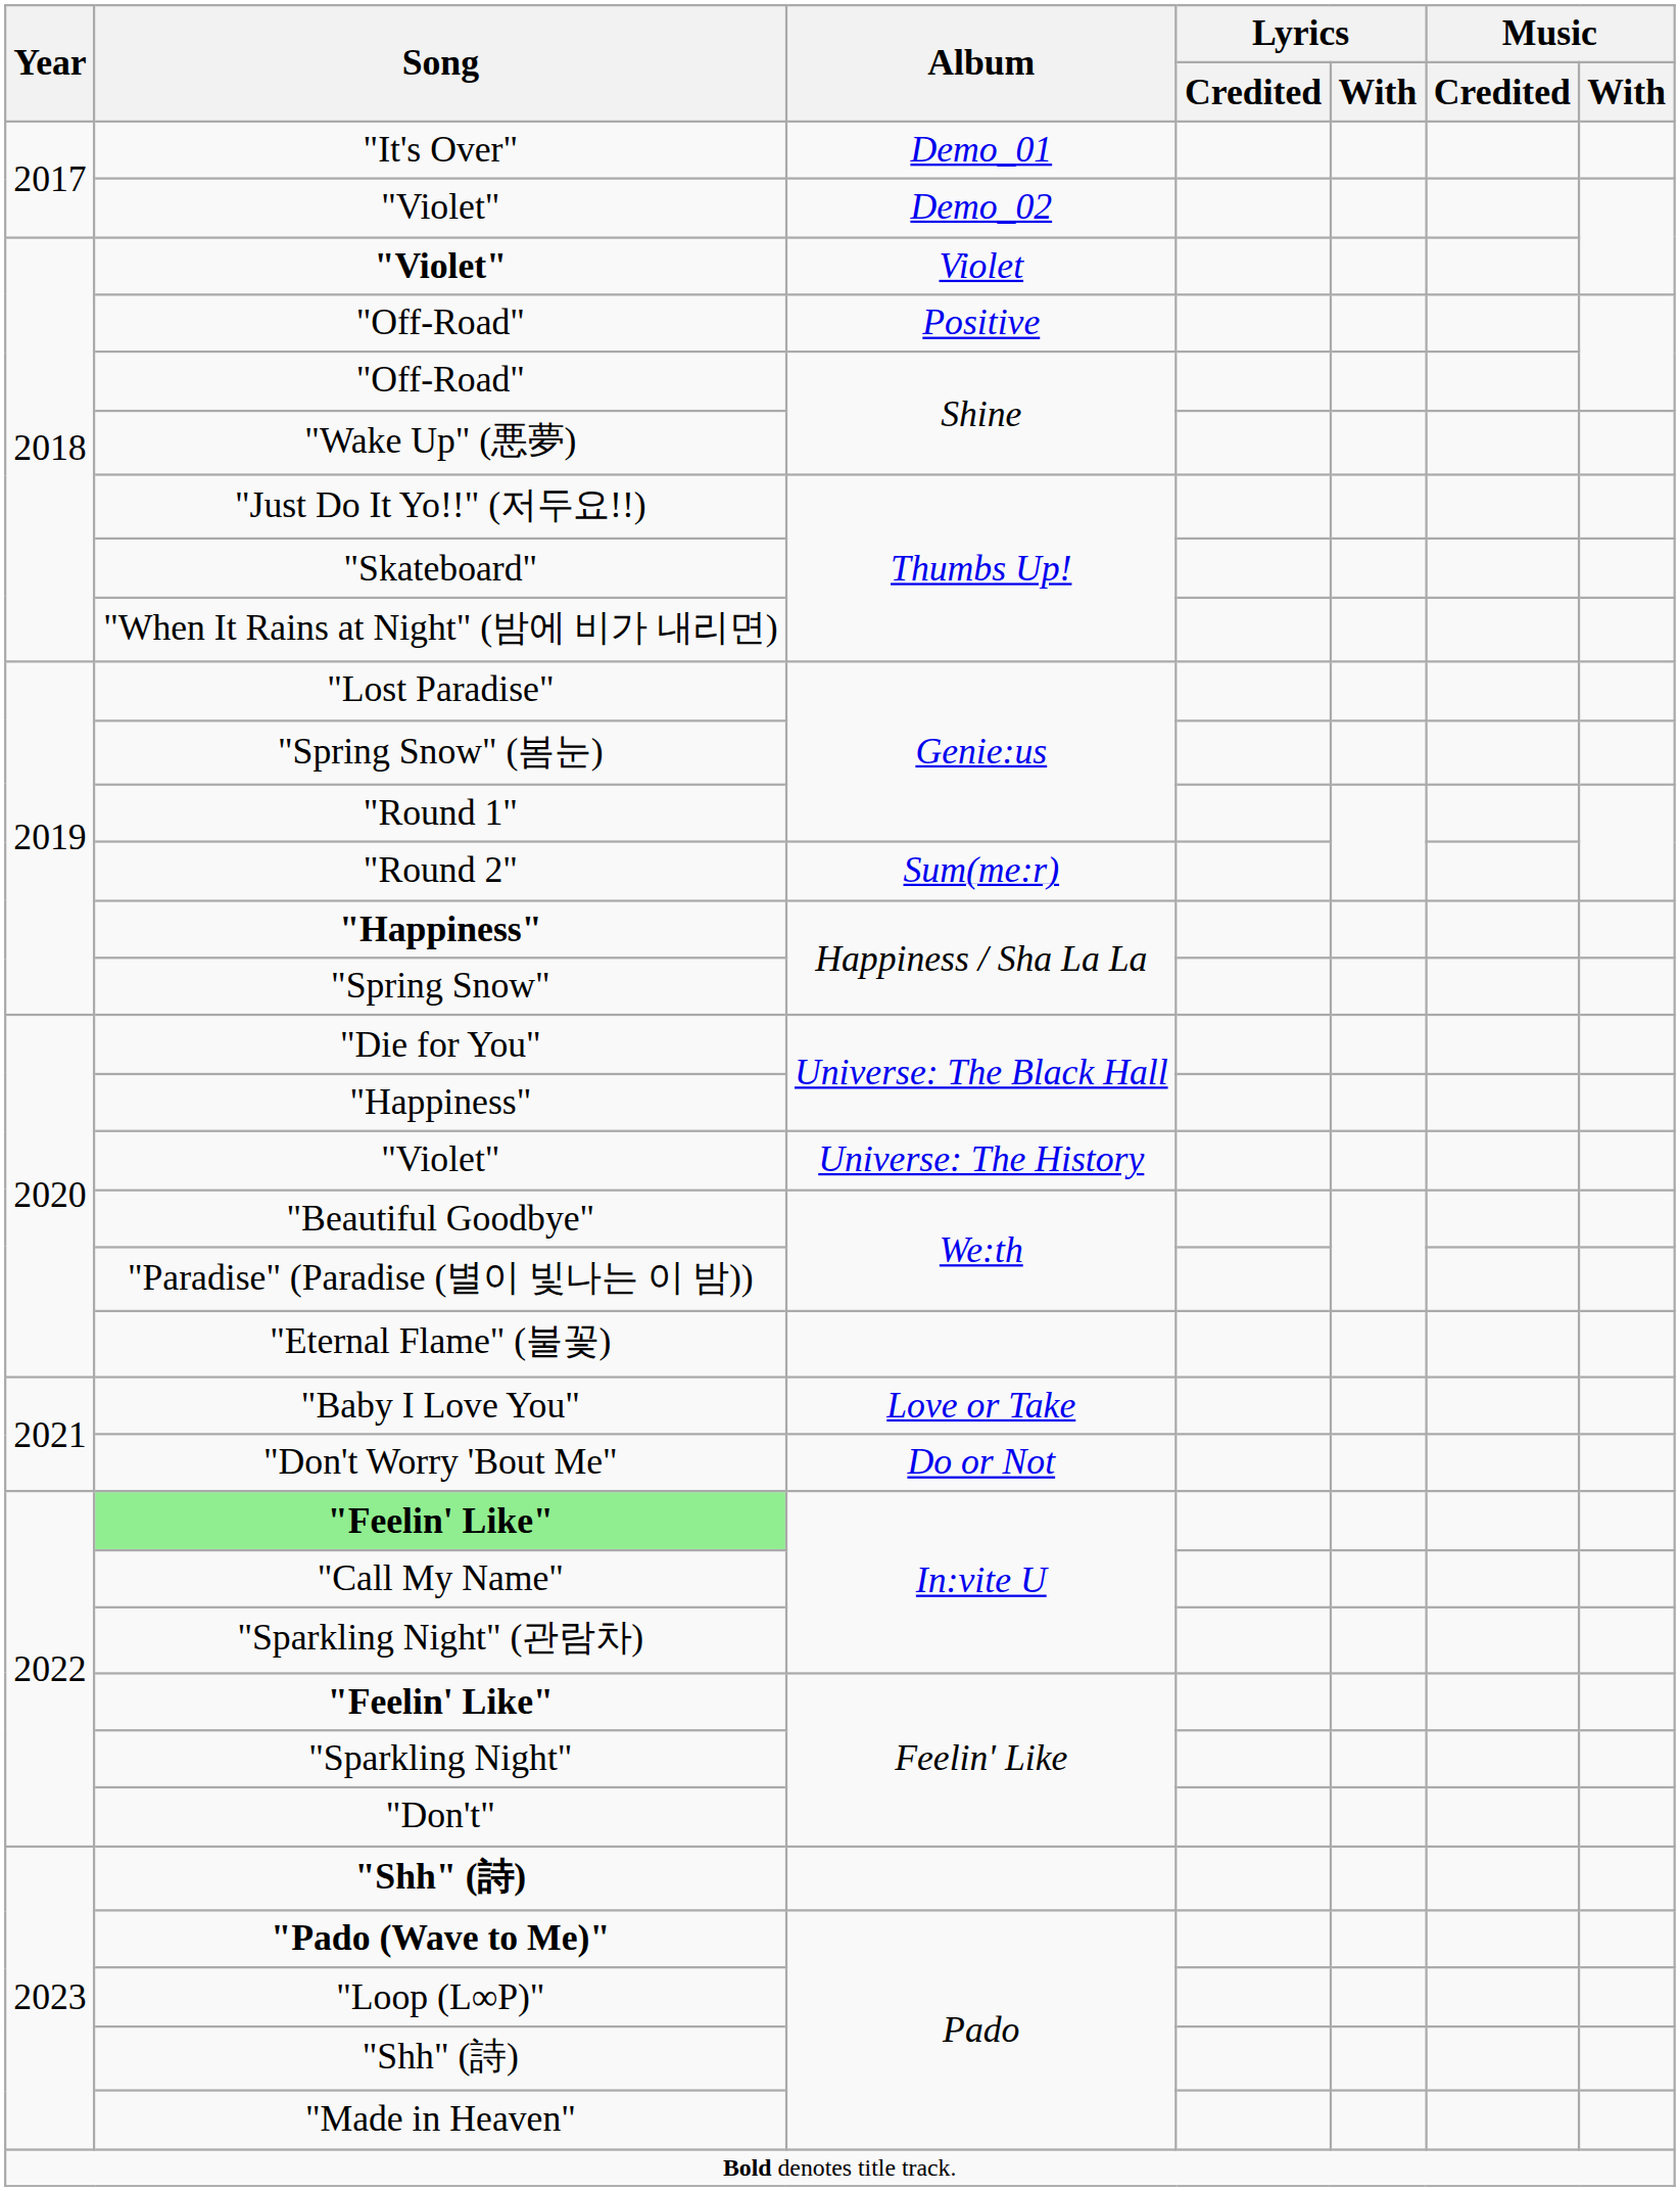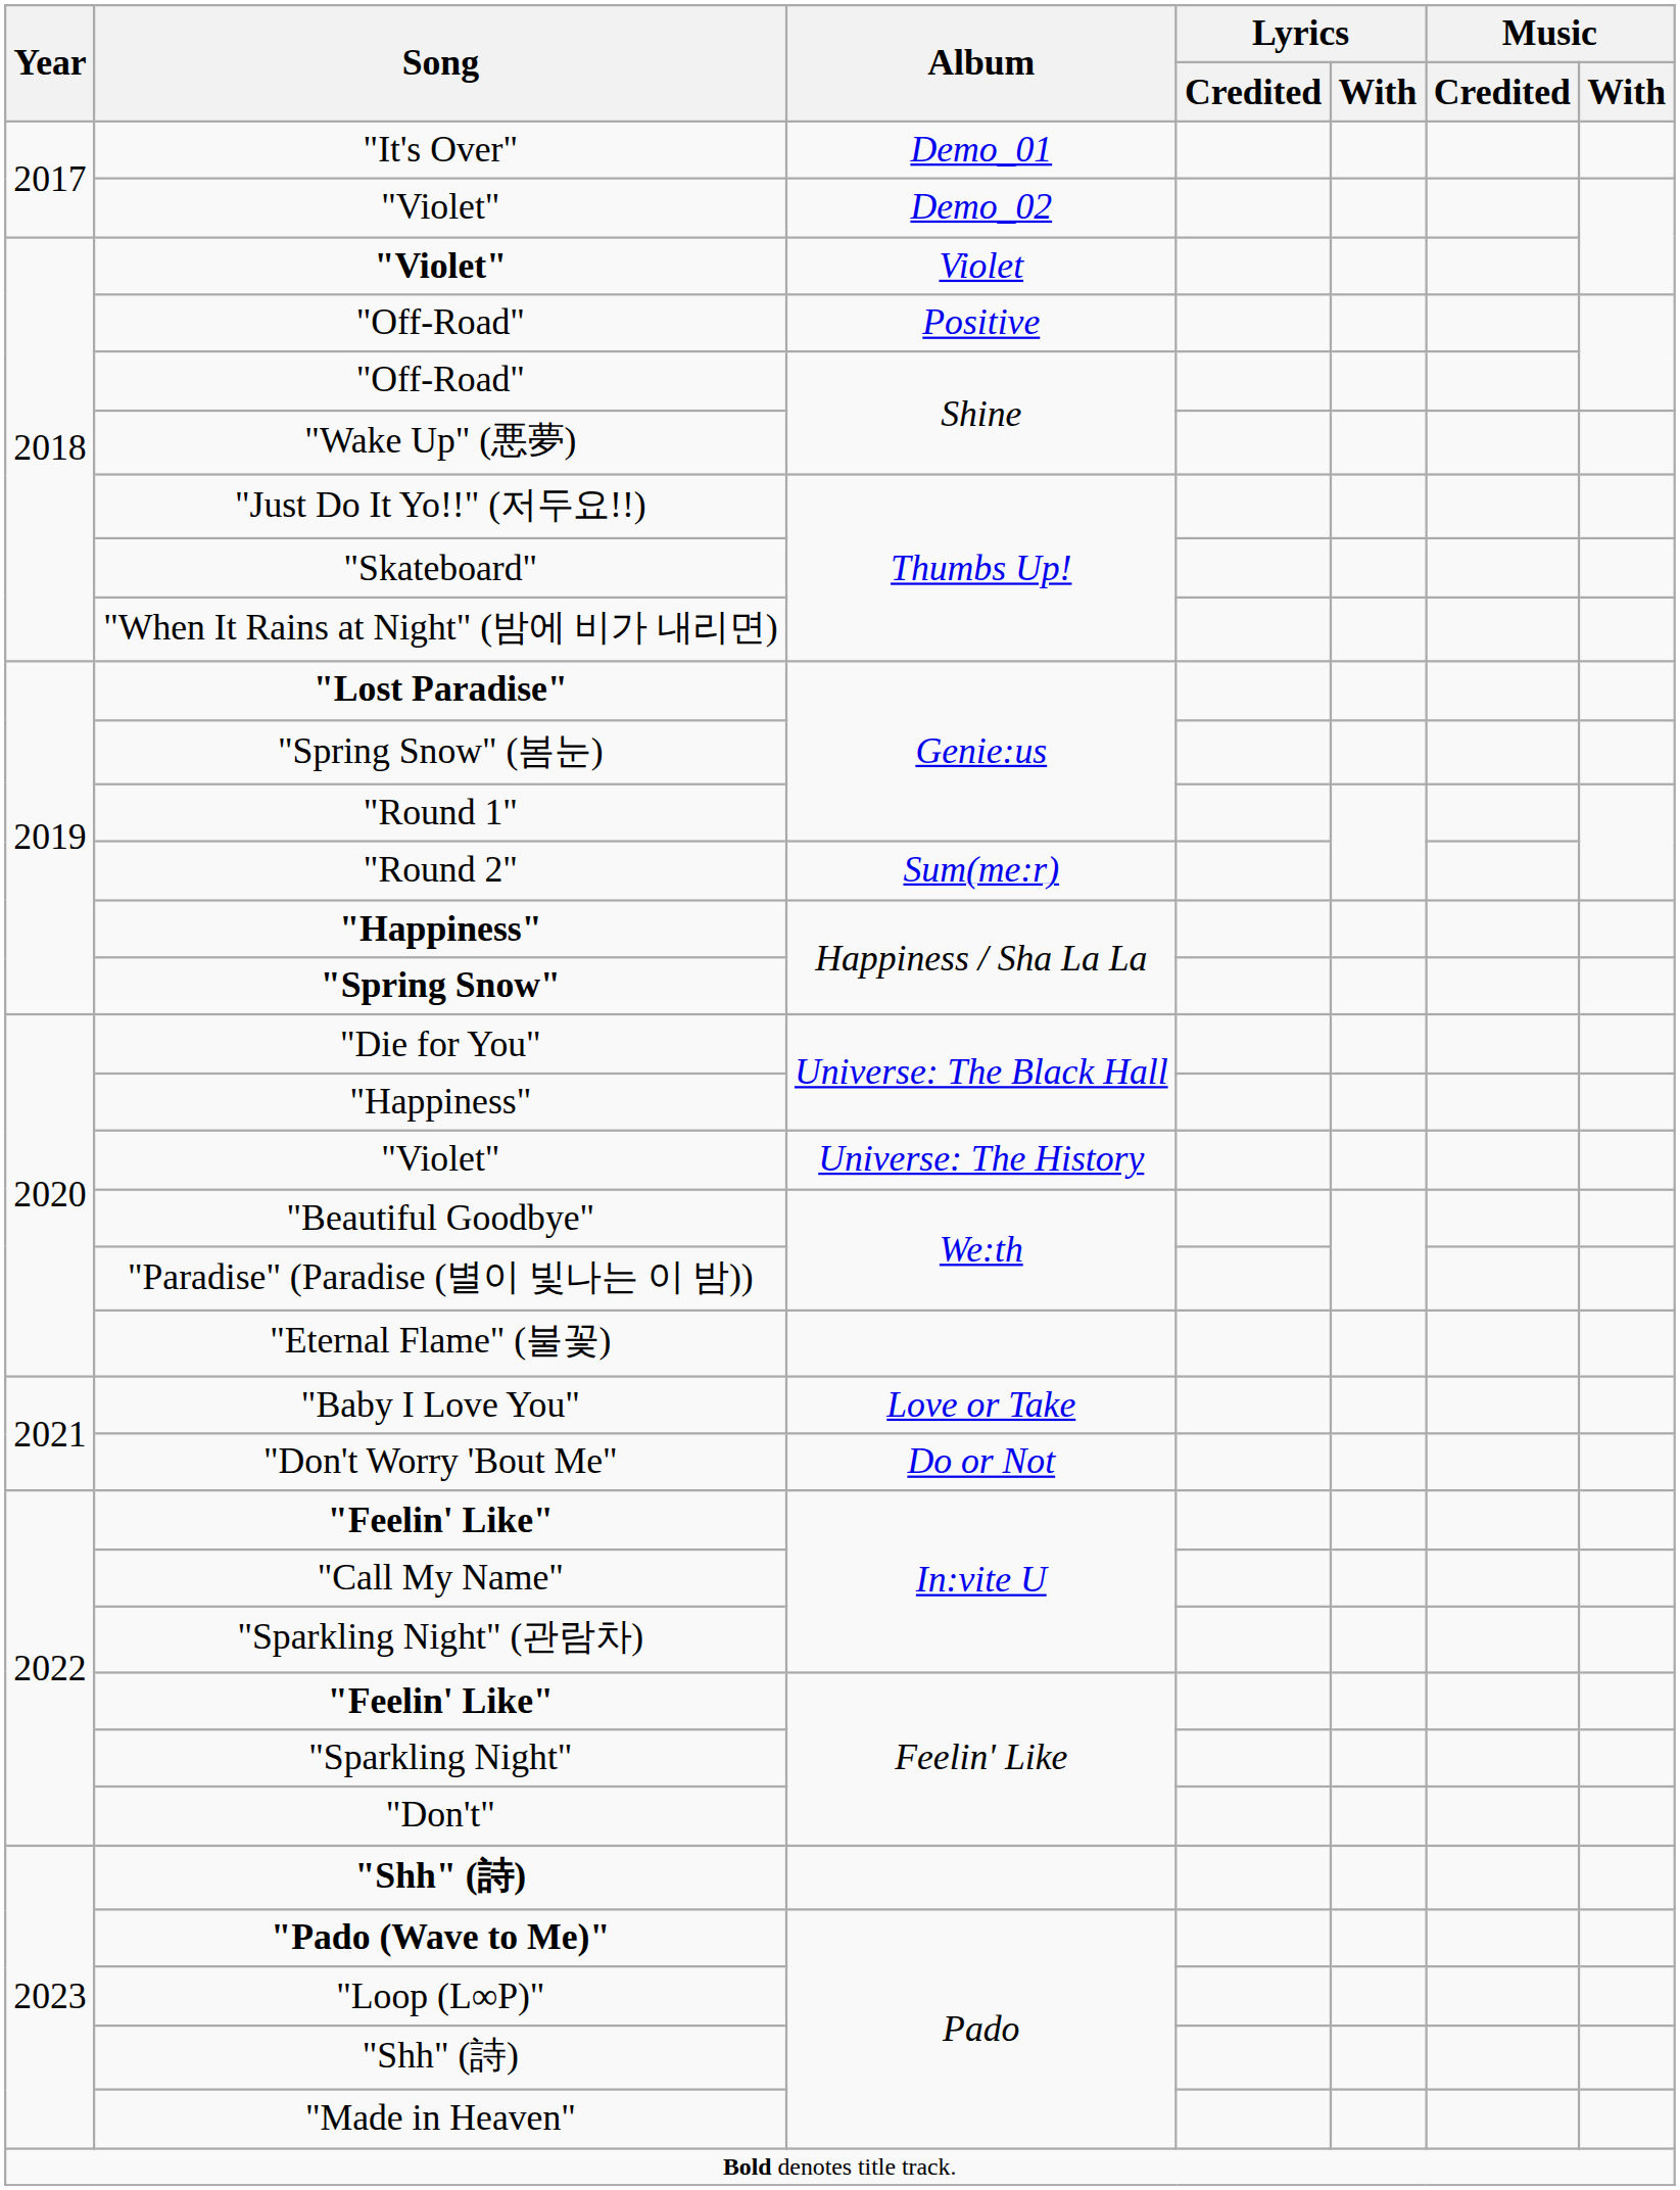 <table class="wikitable" style="text-align:center;">
 <tr>
 <th rowspan="2">Year</th>
 <th rowspan="2">Song</th>
 <th rowspan="2">Album</th>
 <th colspan="2">Lyrics</th>
 <th colspan="2">Music</th>
 </tr>
 <tr>
 <th>Credited</th>
 <th>With</th>
 <th>Credited</th>
 <th>With</th>
 </tr>
 <tr>
 <td rowspan="2">2017</td>
 <td>"It's Over"</td>
 <td><em><a href='#'>Demo_01</a></em></td>
 <td></td>
 <td></td>
 <td></td>
 <td></td>
 </tr>
 <tr>
 <td>"Violet"</td>
 <td><em><a href='#'>Demo_02</a></em></td>
 <td></td>
 <td></td>
 <td></td>
 <td rowspan="2"></td>
 </tr>
 <tr>
 <td rowspan="7">2018</td>
 <td><strong>"Violet" </strong></td>
 <td><em><a href='#'>Violet</a></em></td>
 <td></td>
 <td></td>
 <td></td>
 </tr>
 <tr>
 <td>"Off-Road"</td>
 <td><em><a href='#'>Positive</a></em></td>
 <td></td>
 <td></td>
 <td></td>
 <td rowspan="2"></td>
 </tr>
 <tr>
 <td>"Off-Road" </td>
 <td rowspan="2"><em>Shine</em></td>
 <td></td>
 <td></td>
 <td></td>
 </tr>
 <tr>
 <td>"Wake Up" (悪夢)</td>
 <td></td>
 <td></td>
 <td></td>
 <td></td>
 </tr>
 <tr>
 <td>"Just Do It Yo!!" (저두요!!)</td>
 <td rowspan="3"><em><a href='#'>Thumbs Up!</a></em></td>
 <td></td>
 <td></td>
 <td></td>
 <td></td>
 </tr>
 <tr>
 <td>"Skateboard"</td>
 <td></td>
 <td></td>
 <td></td>
 <td></td>
 </tr>
 <tr>
 <td>"When It Rains at Night" (밤에 비가 내리면)</td>
 <td></td>
 <td></td>
 <td></td>
 <td></td>
 </tr>
 <tr>
 <td rowspan="6">2019</td>
-<td>"Lost Paradise" </td>
+<td><strong>"Lost Paradise" </strong></td>
 <td rowspan="3"><em><a href='#'>Genie:us</a></em></td>
 <td></td>
 <td></td>
 <td></td>
 <td></td>
 </tr>
 <tr>
 <td>"Spring Snow" (봄눈)</td>
 <td></td>
 <td></td>
 <td></td>
 <td></td>
 </tr>
 <tr>
 <td>"Round 1" </td>
 <td></td>
 <td rowspan="2"></td>
 <td></td>
 <td rowspan="2"></td>
 </tr>
 <tr>
 <td>"Round 2" </td>
 <td><em><a href='#'>Sum(me:r)</a></em></td>
 <td></td>
 <td></td>
 </tr>
 <tr>
 <td><strong>"Happiness"</strong></td>
 <td rowspan="2"><em>Happiness / Sha La La</em></td>
 <td></td>
 <td></td>
 <td></td>
 <td></td>
 </tr>
 <tr>
-<td>"Spring Snow" </td>
+<td><strong>"Spring Snow" </strong></td>
 <td></td>
 <td></td>
 <td></td>
 <td></td>
 </tr>
 <tr>
 <td rowspan="6">2020</td>
 <td>"Die for You"</td>
 <td rowspan="2"><em><a href='#'>Universe: The Black Hall</a></em></td>
 <td></td>
 <td></td>
 <td></td>
 <td></td>
 </tr>
 <tr>
 <td>"Happiness" </td>
 <td></td>
 <td></td>
 <td></td>
 <td></td>
 </tr>
 <tr>
 <td>"Violet" </td>
 <td><em><a href='#'>Universe: The History</a></em></td>
 <td></td>
 <td></td>
 <td></td>
 <td></td>
 </tr>
 <tr>
 <td>"Beautiful Goodbye"</td>
 <td rowspan="2"><em><a href='#'>We:th</a></em></td>
 <td></td>
 <td rowspan="2"></td>
 <td></td>
 <td></td>
 </tr>
 <tr>
 <td>"Paradise" (Paradise (별이 빛나는 이 밤))</td>
 <td></td>
 <td></td>
 <td></td>
 </tr>
 <tr>
 <td>"Eternal Flame" (불꽃)</td>
 <td></td>
 <td></td>
 <td></td>
 <td></td>
 <td></td>
 </tr>
 <tr>
 <td rowspan="2">2021</td>
 <td>"Baby I Love You"</td>
 <td><em><a href='#'>Love or Take</a></em></td>
 <td></td>
 <td></td>
 <td></td>
 <td></td>
 </tr>
 <tr>
 <td>"Don't Worry 'Bout Me"<strong><em></em></strong></td>
 <td><em><a href='#'>Do or Not</a></em></td>
 <td></td>
 <td></td>
 <td></td>
 <td></td>
 </tr>
 <tr>
 <td rowspan="6">2022</td>
-<td style="background: lightgreen;"><strong>"Feelin' Like"</strong></td>
+<td><strong>"Feelin' Like"</strong></td>
 <td rowspan="3"><em><a href='#'>In:vite U</a></em></td>
 <td></td>
 <td></td>
 <td></td>
 <td></td>
 </tr>
 <tr>
 <td>"Call My Name"</td>
 <td></td>
 <td></td>
 <td></td>
 <td></td>
 </tr>
 <tr>
 <td>"Sparkling Night" (관람차)</td>
 <td></td>
 <td></td>
 <td></td>
 <td></td>
 </tr>
 <tr>
 <td><strong>"Feelin' Like" </strong></td>
 <td rowspan="3"><em>Feelin' Like</em></td>
 <td></td>
 <td></td>
 <td></td>
 <td></td>
 </tr>
 <tr>
 <td>"Sparkling Night" </td>
 <td></td>
 <td></td>
 <td></td>
 <td></td>
 </tr>
 <tr>
 <td>"Don't"</td>
 <td></td>
 <td></td>
 <td></td>
 <td></td>
 </tr>
 <tr>
 <td rowspan="5">2023</td>
 <td><strong>"Shh" (詩)</strong></td>
 <td></td>
 <td></td>
 <td></td>
 <td></td>
 <td></td>
 </tr>
 <tr>
 <td><strong>"Pado (Wave to Me)"</strong></td>
 <td rowspan="4"><em>Pado</em></td>
 <td></td>
 <td></td>
 <td></td>
 <td></td>
 </tr>
 <tr>
 <td>"Loop (L∞P)"</td>
 <td></td>
 <td></td>
 <td></td>
 <td></td>
 </tr>
 <tr>
 <td>"Shh" (詩) </td>
 <td></td>
 <td></td>
 <td></td>
 <td></td>
 </tr>
 <tr>
 <td>"Made in Heaven"</td>
 <td></td>
 <td></td>
 <td></td>
 <td></td>
 </tr>
 <tr>
 <td colspan="7" style="text-align:center; font-size:8pt;"><strong>Bold</strong> denotes title track.</td>
 </tr>
 </table>
